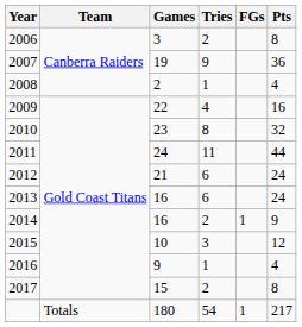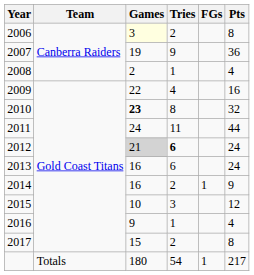 <table class="wikitable">
 <tr>
 <th>Year</th>
 <th>Team</th>
 <th>Games</th>
 <th>Tries</th>
 <th>FGs</th>
 <th>Pts</th>
 </tr>
 <tr>
 <td>2006</td>
 <td rowspan="3"> <a href='#'>Canberra Raiders</a></td>
-<td>3</td>
+<td style="background: lightyellow;">3</td>
 <td>2</td>
 <td></td>
 <td>8</td>
 </tr>
 <tr>
 <td>2007</td>
 <td>19</td>
 <td>9</td>
 <td></td>
 <td>36</td>
 </tr>
 <tr>
 <td>2008</td>
 <td>2</td>
 <td>1</td>
 <td></td>
 <td>4</td>
 </tr>
 <tr>
 <td>2009</td>
 <td rowspan="9"> <a href='#'>Gold Coast Titans</a></td>
 <td>22</td>
 <td>4</td>
 <td></td>
 <td>16</td>
 </tr>
 <tr>
 <td>2010</td>
-<td>23</td>
+<td><strong>23</strong></td>
 <td>8</td>
 <td></td>
 <td>32</td>
 </tr>
 <tr>
 <td>2011</td>
 <td>24</td>
 <td>11</td>
 <td></td>
 <td>44</td>
 </tr>
 <tr>
 <td>2012</td>
-<td>21</td>
-<td>6</td>
+<td style="background: lightgrey;">21</td>
+<td><strong>6</strong></td>
 <td></td>
 <td>24</td>
 </tr>
 <tr>
 <td>2013</td>
 <td>16</td>
 <td>6</td>
 <td></td>
 <td>24</td>
 </tr>
 <tr>
 <td>2014</td>
 <td>16</td>
 <td>2</td>
 <td>1</td>
 <td>9</td>
 </tr>
 <tr>
 <td>2015</td>
 <td>10</td>
 <td>3</td>
 <td></td>
 <td>12</td>
 </tr>
 <tr>
 <td>2016</td>
 <td>9</td>
 <td>1</td>
 <td></td>
 <td>4</td>
 </tr>
 <tr>
 <td>2017</td>
 <td>15</td>
 <td>2</td>
 <td></td>
 <td>8</td>
 </tr>
 <tr>
 <td></td>
 <td>Totals</td>
 <td>180</td>
 <td>54</td>
 <td>1</td>
 <td>217</td>
 </tr>
 </table>
